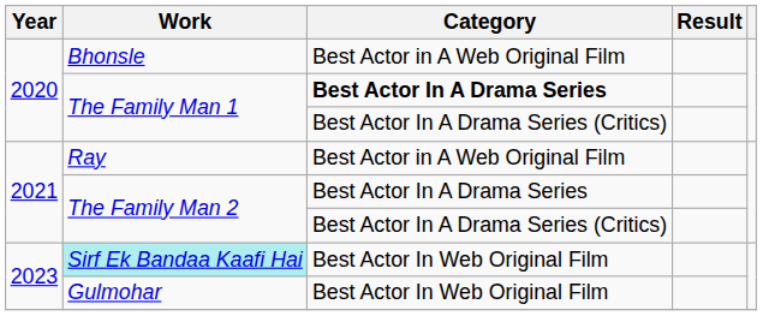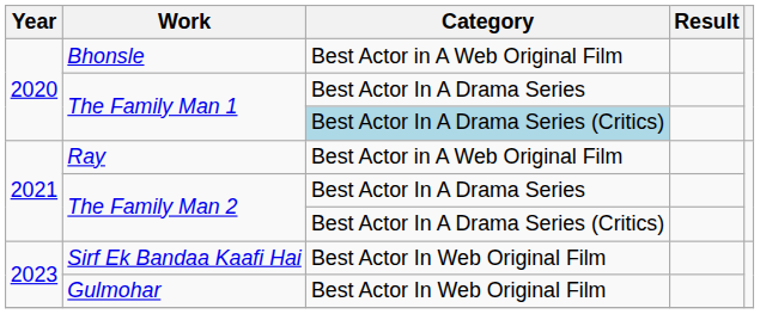 <table class="wikitable sortable"⁣>
 <tr ⁣>
 <th>Year⁣</th>
 <th>Work⁣</th>
 <th>Category⁣</th>
 <th>Result⁣</th>
 <th class="unsortable">⁣</th>
 </tr>
 <tr>
 <td rowspan="3"><a href='#'>2020</a></td>
 <td><em><a href='#'>Bhonsle</a></em></td>
 <td>Best Actor in A Web Original Film</td>
 <td></td>
 <td ⁣ rowspan="3"></td>
 </tr>
 <tr>
 <td rowspan="2"><em><a href='#'>The Family Man 1</a></em>⁣</td>
-<td><strong>Best Actor In A Drama Series</strong></td>
+<td>Best Actor In A Drama Series</td>
 <td></td>
 </tr>
 <tr>
-<td>Best Actor In A Drama Series (Critics)⁣</td>
+<td style="background: lightblue;">Best Actor In A Drama Series (Critics)⁣</td>
 <td>⁣</td>
 </tr>
 <tr>
 <td rowspan="3"><a href='#'>2021</a></td>
 <td><em><a href='#'>Ray</a></em>⁣</td>
 <td>Best Actor in A Web Original Film⁣</td>
 <td></td>
 <td ⁣ rowspan="3"></td>
 </tr>
 <tr>
 <td rowspan="2"><em><a href='#'>The Family Man 2</a></em>⁣</td>
 <td>Best Actor In A Drama Series</td>
 <td></td>
 </tr>
 <tr>
 <td>Best Actor In A Drama Series (Critics)⁣</td>
 <td>⁣</td>
 </tr>
 <tr>
 <td rowspan="2"><a href='#'>2023</a></td>
-<td style="background: paleturquoise;"><em><a href='#'>Sirf Ek Bandaa Kaafi Hai</a></em>⁣</td>
+<td><em><a href='#'>Sirf Ek Bandaa Kaafi Hai</a></em>⁣</td>
 <td>Best Actor In Web Original Film</td>
 <td></td>
 <td rowspan="2"></td>
 </tr>
 <tr>
 <td><em><a href='#'>Gulmohar</a></em></td>
 <td>Best Actor In Web Original Film</td>
 <td>⁣</td>
 </tr>
 <tr>
 </tr>
 </table>
